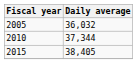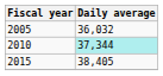 <table class="wikitable">
 <tr>
 <th>Fiscal year</th>
 <th>Daily average</th>
 </tr>
 <tr>
 <td>2005</td>
 <td>36,032</td>
 </tr>
 <tr>
 <td>2010</td>
-<td>37,344</td>
+<td style="background: paleturquoise;">37,344</td>
 </tr>
 <tr>
 <td>2015</td>
 <td>38,405</td>
 </tr>
 <tr>
 </tr>
 </table>
